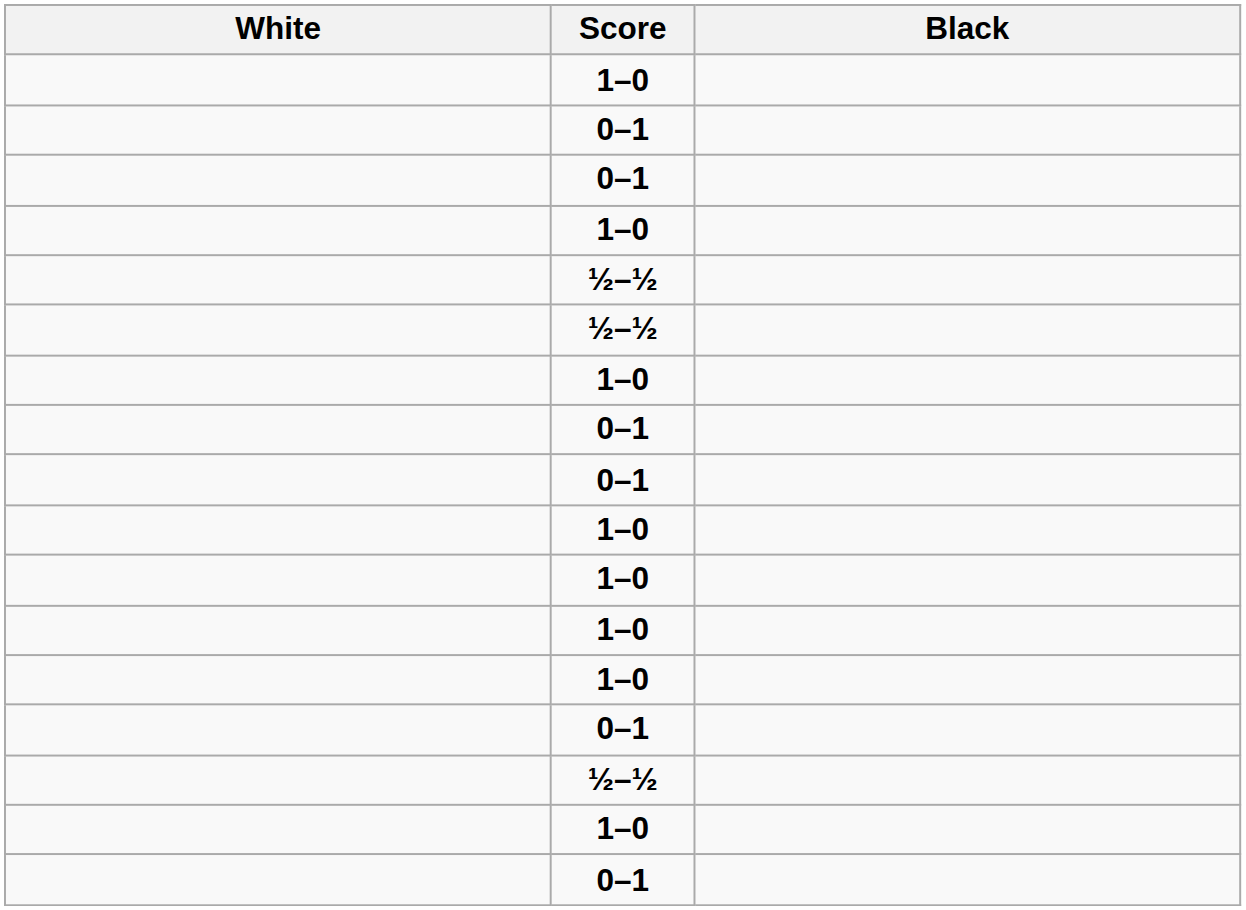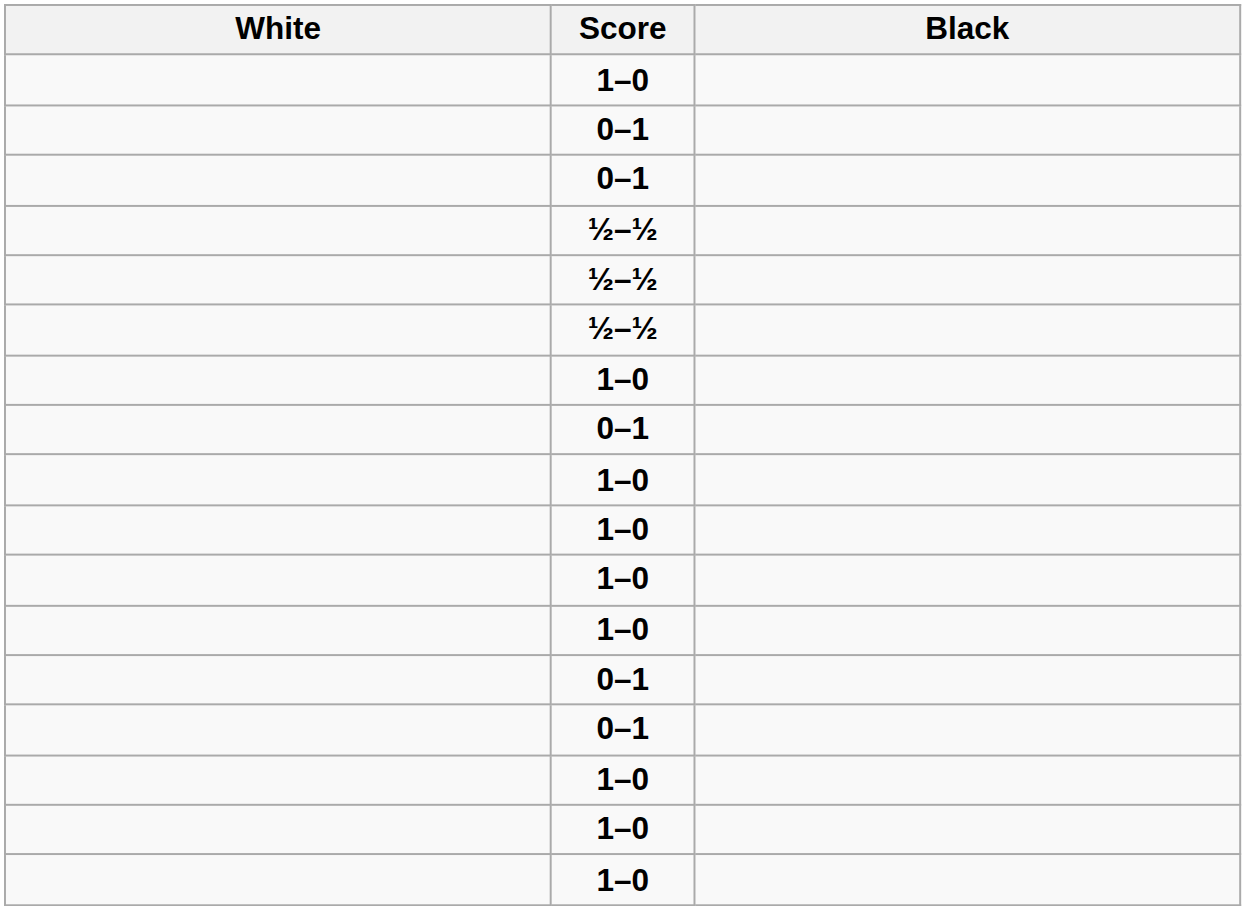 <table class="wikitable" style="text-align: center;">
 <tr>
 <th align="right" width="270">White</th>
 <th width="65">Score</th>
 <th align="left" width="270">Black</th>
 </tr>
 <tr>
 <td align=left><strong></strong></td>
 <td align=center><strong>1–0</strong></td>
 <td align=left></td>
 </tr>
 <tr>
 <td align=left></td>
 <td align=center><strong>0–1</strong></td>
 <td align=left></td>
 </tr>
 <tr>
 <td align=left></td>
 <td align=center><strong>0–1</strong></td>
 <td align=left><strong></strong></td>
 </tr>
 <tr>
 <td align=left><strong></strong></td>
-<td align=center><strong>1–0</strong></td>
+<td align=center><strong>½–½</strong></td>
 <td align=left></td>
 </tr>
 <tr>
 <td align=left></td>
 <td align=center><strong>½–½</strong></td>
 <td align=left></td>
 </tr>
 <tr>
 <td align=left></td>
 <td align=center><strong>½–½</strong></td>
 <td align=left><strong></strong></td>
 </tr>
 <tr>
 <td align=left><strong></strong></td>
 <td align=center><strong>1–0</strong></td>
 <td align=left></td>
 </tr>
 <tr>
 <td align=left></td>
 <td align=center><strong>0–1</strong></td>
 <td align=left><strong></strong></td>
 </tr>
 <tr>
 <td align=left></td>
-<td align=center><strong>0–1</strong></td>
+<td align=center><strong>1–0</strong></td>
 <td align=left><strong></strong></td>
 </tr>
 <tr>
 <td align=left><strong></strong></td>
 <td align=center><strong>1–0</strong></td>
 <td align=left></td>
 </tr>
 <tr>
 <td align=left></td>
 <td align=center><strong>1–0</strong></td>
 <td align=left><strong></strong></td>
 </tr>
 <tr>
 <td align=left><strong></strong></td>
 <td align=center><strong>1–0</strong></td>
 <td align=left></td>
 </tr>
 <tr>
 <td align=left><strong></strong></td>
-<td align=center><strong>1–0</strong></td>
+<td align=center><strong>0–1</strong></td>
 <td align=left></td>
 </tr>
 <tr>
 <td align=left></td>
 <td align=center><strong>0–1</strong></td>
 <td align=left><strong></strong></td>
 </tr>
 <tr>
 <td align=left></td>
-<td align=center><strong>½–½</strong></td>
+<td align=center><strong>1–0</strong></td>
 <td align=left></td>
 </tr>
 <tr>
 <td align=left><strong></strong></td>
 <td align=center><strong>1–0</strong></td>
 <td align=left></td>
 </tr>
 <tr>
 <td align=left></td>
-<td align=center><strong>0–1</strong></td>
+<td align=center><strong>1–0</strong></td>
 <td align=left><strong></strong></td>
 </tr>
 </table>
